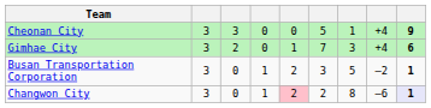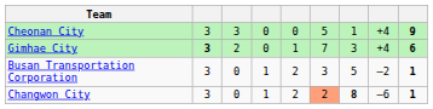 <table class="wikitable" style="text-align:center;">
 <tr>
 <th width=225>Team</th>
 <th width=30></th>
 <th width=30></th>
 <th width=30></th>
 <th width=30></th>
 <th width=30></th>
 <th width=30></th>
 <th width=30></th>
 <th width=30></th>
 </tr>
 <tr bgcolor=#bbf3bb>
 <td align=left><a href='#'>Cheonan City</a></td>
 <td>3</td>
 <td>3</td>
 <td>0</td>
 <td>0</td>
 <td>5</td>
 <td>1</td>
 <td>+4</td>
 <td><strong>9</strong></td>
 </tr>
 <tr bgcolor=#bbf3bb>
 <td align=left><a href='#'>Gimhae City</a></td>
-<td>3</td>
+<td><strong>3</strong></td>
 <td>2</td>
 <td>0</td>
 <td>1</td>
 <td>7</td>
 <td>3</td>
 <td>+4</td>
 <td><strong>6</strong></td>
 </tr>
 <tr>
 <td align=left><a href='#'>Busan Transportation Corporation</a></td>
 <td>3</td>
 <td>0</td>
 <td>1</td>
 <td>2</td>
 <td>3</td>
 <td>5</td>
 <td>–2</td>
 <td><strong>1</strong></td>
 </tr>
 <tr>
 <td align=left><a href='#'>Changwon City</a></td>
 <td>3</td>
 <td>0</td>
 <td>1</td>
-<td style="background: pink;">2</td>
 <td>2</td>
-<td>8</td>
+<td style="background: lightsalmon;">2</td>
+<td><strong>8</strong></td>
 <td>–6</td>
-<td style="background: lavender;"><strong>1</strong></td>
+<td><strong>1</strong></td>
 </tr>
 </table>
